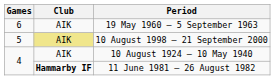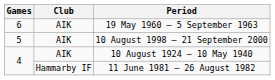 <table class="wikitable" style="font-size:90%; text-align: center">
 <tr>
 <th>Games</th>
 <th>Club</th>
 <th>Period</th>
 </tr>
 <tr>
 <td>6</td>
 <td>AIK</td>
 <td>19 May 1960 – 5 September 1963</td>
 </tr>
 <tr>
 <td>5</td>
-<td style="background: khaki;">AIK</td>
+<td>AIK</td>
 <td>10 August 1998 – 21 September 2000</td>
 </tr>
 <tr>
 <td rowspan=2>4</td>
 <td>AIK</td>
 <td>10 August 1924 – 10 May 1940</td>
 </tr>
 <tr>
-<td><strong>Hammarby IF</strong></td>
+<td>Hammarby IF</td>
 <td>11 June 1981 – 26 August 1982</td>
 </tr>
 </table>
